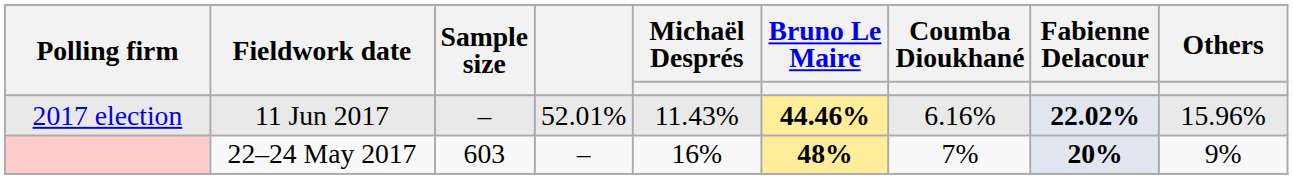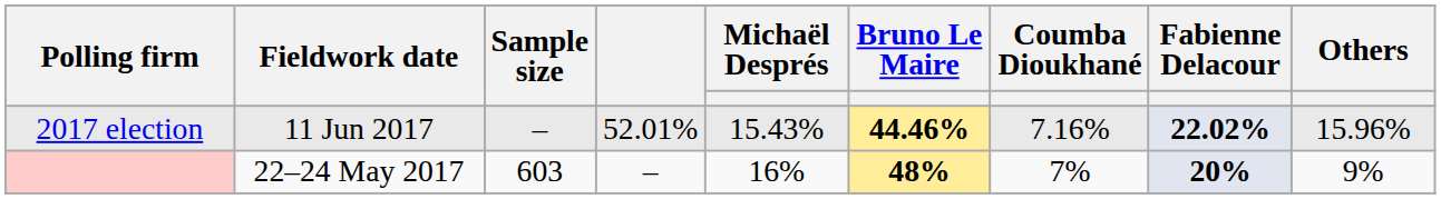 <table class="wikitable sortable" style="text-align:center;font-size:90%;line-height:14px;">
 <tr style="height:40px;">
 <th style="width:100px;" rowspan="2">Polling firm</th>
 <th style="width:110px;" rowspan="2">Fieldwork date</th>
 <th style="width:35px;" rowspan="2">Sample<br>size</th>
 <th style="width:30px;" rowspan="2"></th>
 <th class="unsortable" style="width:60px;">Michaël Després<br></th>
 <th class="unsortable" style="width:60px;"><a href='#'>Bruno Le Maire</a><br></th>
 <th class="unsortable" style="width:60px;">Coumba Dioukhané<br></th>
 <th class="unsortable" style="width:60px;">Fabienne Delacour<br></th>
 <th class="unsortable" style="width:60px;">Others</th>
 </tr>
 <tr>
 <th style="background:"></th>
 <th style="background:"></th>
 <th style="background:"></th>
 <th style="background:"></th>
 <th style="background:"></th>
 </tr>
 <tr style="background:#E9E9E9;">
 <td><a href='#'>2017 election</a></td>
 <td data-sort-value="2017-06-11">11 Jun 2017</td>
 <td>–</td>
 <td>52.01%</td>
-<td>11.43%</td>
+<td>15.43%</td>
 <td style="background:#FFED99;"><strong>44.46%</strong></td>
-<td>6.16%</td>
+<td>7.16%</td>
 <td style="background:#E0E5F0;"><strong>22.02%</strong></td>
 <td>15.96%</td>
 </tr>
 <tr>
 <td style="background:#FFCCCC;"></td>
 <td data-sort-value="2017-05-24">22–24 May 2017</td>
 <td>603</td>
 <td>–</td>
 <td>16%</td>
 <td style="background:#FFED99;"><strong>48%</strong></td>
 <td>7%</td>
 <td style="background:#E0E5F0;"><strong>20%</strong></td>
 <td>9%</td>
 </tr>
 </table>
